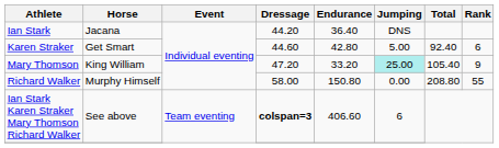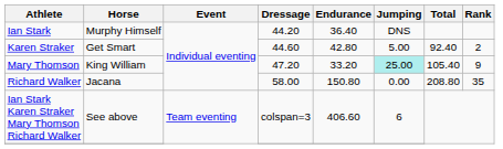 <table class=wikitable style="font-size:90%">
 <tr>
 <th>Athlete</th>
 <th>Horse</th>
 <th>Event</th>
 <th>Dressage</th>
 <th>Endurance</th>
 <th>Jumping</th>
 <th>Total</th>
 <th>Rank</th>
 </tr>
 <tr>
 <td><a href='#'>Ian Stark</a></td>
-<td>Jacana</td>
+<td>Murphy Himself</td>
 <td rowspan=4><a href='#'>Individual eventing</a></td>
 <td style="text-align:center;">44.20</td>
 <td style="text-align:center;">36.40</td>
 <td style="text-align:center;">DNS</td>
 <td></td>
 <td></td>
 </tr>
 <tr>
 <td><a href='#'>Karen Straker</a></td>
 <td>Get Smart</td>
 <td style="text-align:center;">44.60</td>
 <td style="text-align:center;">42.80</td>
 <td style="text-align:center;">5.00</td>
 <td style="text-align:center;">92.40</td>
-<td style="text-align:center;">6</td>
+<td style="text-align:center;">2</td>
 </tr>
 <tr>
 <td><a href='#'>Mary Thomson</a></td>
 <td>King William</td>
 <td style="text-align:center;">47.20</td>
 <td style="text-align:center;">33.20</td>
 <td style="background: paleturquoise; text-align:center;">25.00</td>
 <td style="text-align:center;">105.40</td>
 <td style="text-align:center;">9</td>
 </tr>
 <tr>
 <td><a href='#'>Richard Walker</a></td>
-<td>Murphy Himself</td>
+<td>Jacana</td>
 <td style="text-align:center;">58.00</td>
 <td style="text-align:center;">150.80</td>
 <td style="text-align:center;">0.00</td>
 <td style="text-align:center;">208.80</td>
-<td style="text-align:center;">55</td>
+<td style="text-align:center;">35</td>
 </tr>
 <tr>
 <td><a href='#'>Ian Stark</a><br><a href='#'>Karen Straker</a><br><a href='#'>Mary Thomson</a><br><a href='#'>Richard Walker</a></td>
 <td>See above</td>
 <td rowspan=4><a href='#'>Team eventing</a></td>
-<td><strong>colspan=3 </strong></td>
+<td>colspan=3 </td>
 <td style="text-align:center;">406.60</td>
 <td style="text-align:center;">6</td>
 </tr>
 <tr>
 </tr>
 </table>
